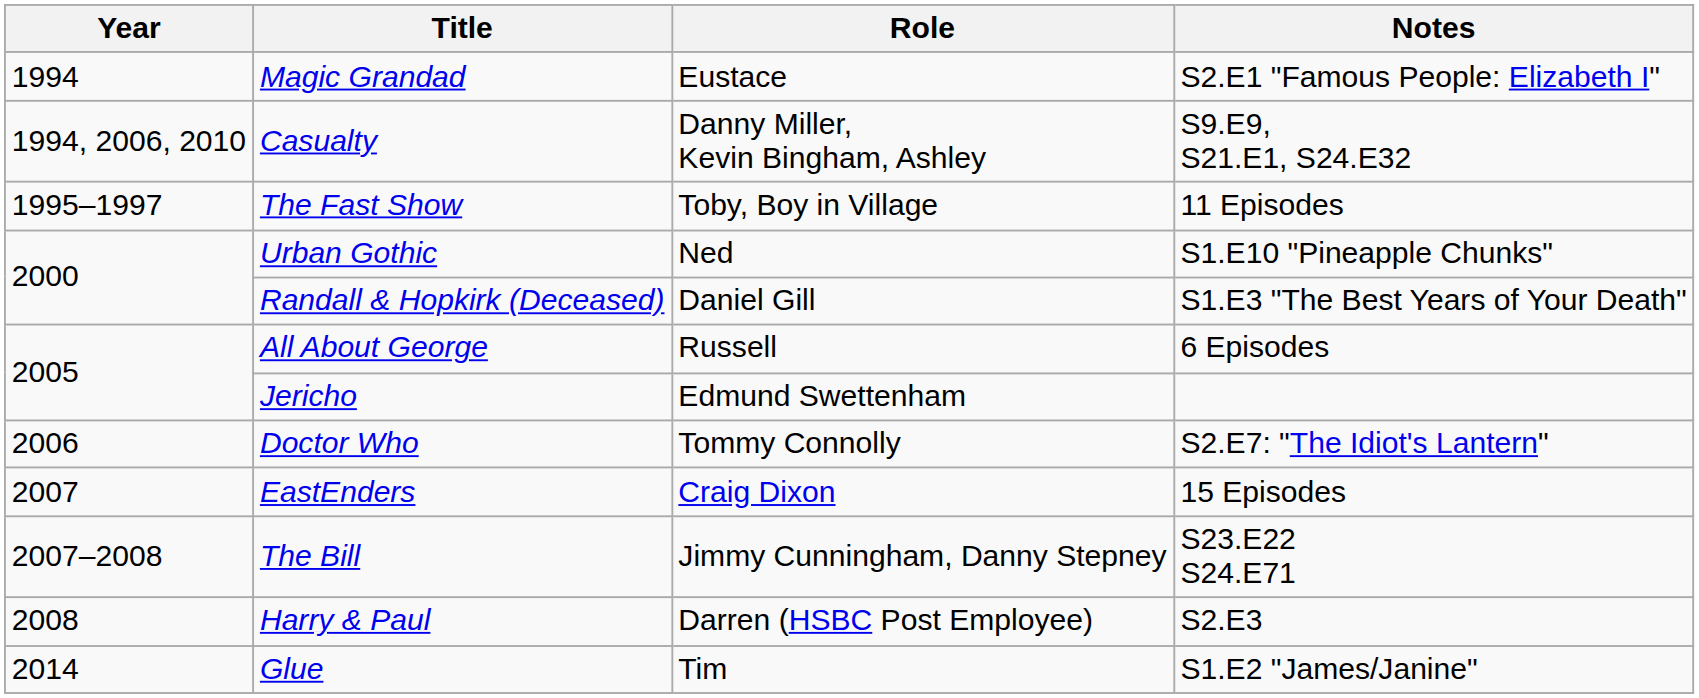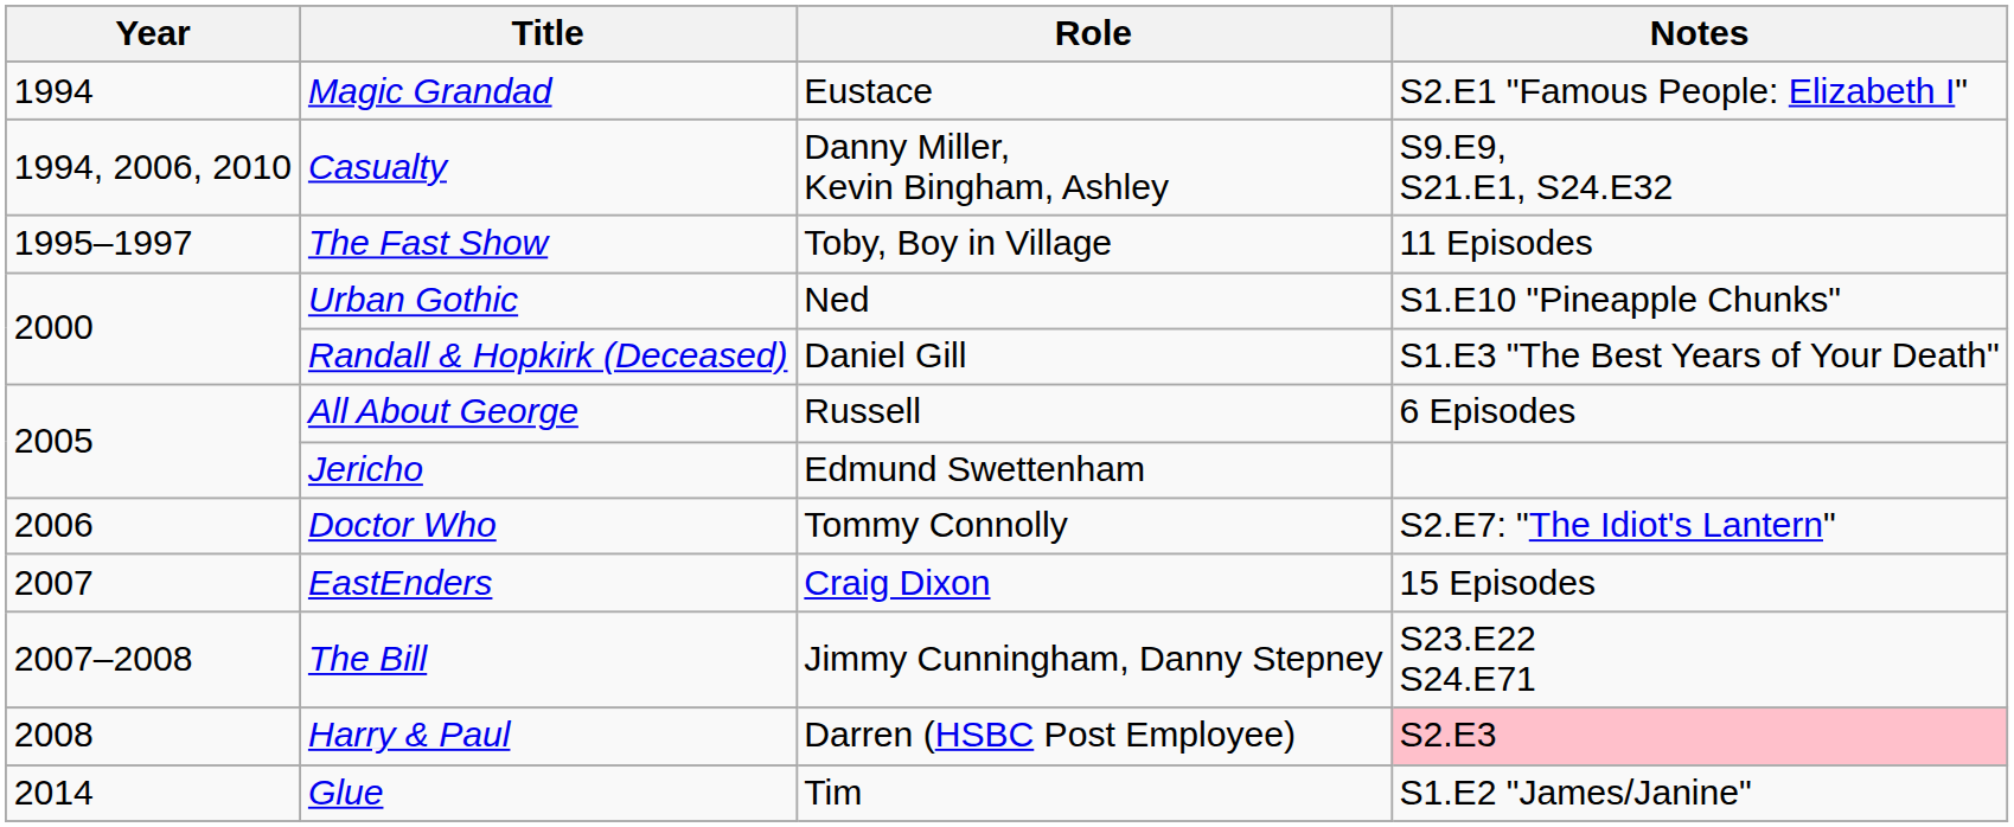 <table class="wikitable">
 <tr>
 <th>Year</th>
 <th>Title</th>
 <th>Role</th>
 <th>Notes</th>
 </tr>
 <tr>
 <td>1994</td>
 <td><em><a href='#'>Magic Grandad</a></em></td>
 <td>Eustace</td>
 <td>S2.E1 "Famous People: <a href='#'>Elizabeth I</a>"</td>
 </tr>
 <tr>
 <td>1994, 2006, 2010</td>
 <td><em><a href='#'>Casualty</a></em></td>
 <td>Danny Miller,<br>Kevin Bingham, Ashley</td>
 <td>S9.E9,<br>S21.E1, S24.E32</td>
 </tr>
 <tr>
 <td>1995–1997</td>
 <td><em><a href='#'>The Fast Show</a></em></td>
 <td>Toby, Boy in Village</td>
 <td>11 Episodes</td>
 </tr>
 <tr>
 <td rowspan="2">2000</td>
 <td><em><a href='#'>Urban Gothic</a></em></td>
 <td>Ned</td>
 <td>S1.E10 "Pineapple Chunks"</td>
 </tr>
 <tr>
 <td><em><a href='#'>Randall & Hopkirk (Deceased)</a></em></td>
 <td>Daniel Gill</td>
 <td>S1.E3 "The Best Years of Your Death"</td>
 </tr>
 <tr>
 <td rowspan="2">2005</td>
 <td><em><a href='#'>All About George</a></em></td>
 <td>Russell</td>
 <td>6 Episodes</td>
 </tr>
 <tr>
 <td><em><a href='#'>Jericho</a></em></td>
 <td>Edmund Swettenham</td>
 <td></td>
 </tr>
 <tr>
 <td>2006</td>
 <td><em><a href='#'>Doctor Who</a></em></td>
 <td>Tommy Connolly</td>
 <td>S2.E7: "<a href='#'>The Idiot's Lantern</a>"</td>
 </tr>
 <tr>
 <td>2007</td>
 <td><em><a href='#'>EastEnders</a></em></td>
 <td><a href='#'>Craig Dixon</a></td>
 <td>15 Episodes</td>
 </tr>
 <tr>
 <td>2007–2008</td>
 <td><em><a href='#'>The Bill</a></em></td>
 <td>Jimmy Cunningham, Danny Stepney</td>
 <td>S23.E22<br>S24.E71</td>
 </tr>
 <tr>
 <td>2008</td>
 <td><em><a href='#'>Harry & Paul</a></em></td>
 <td>Darren (<a href='#'>HSBC</a> Post Employee)</td>
-<td>S2.E3</td>
+<td style="background: pink;">S2.E3</td>
 </tr>
 <tr>
 <td>2014</td>
 <td><em><a href='#'>Glue</a></em></td>
 <td>Tim</td>
 <td>S1.E2 "James/Janine"</td>
 </tr>
 </table>
